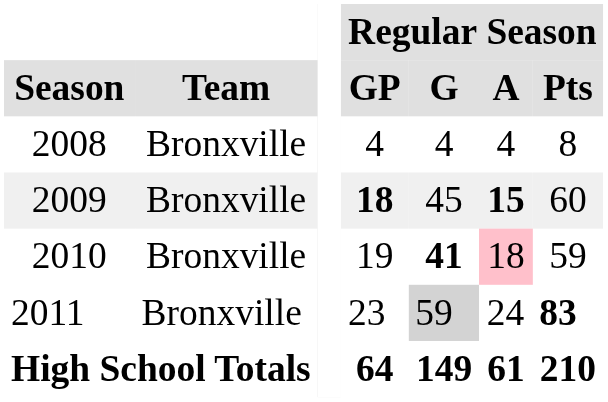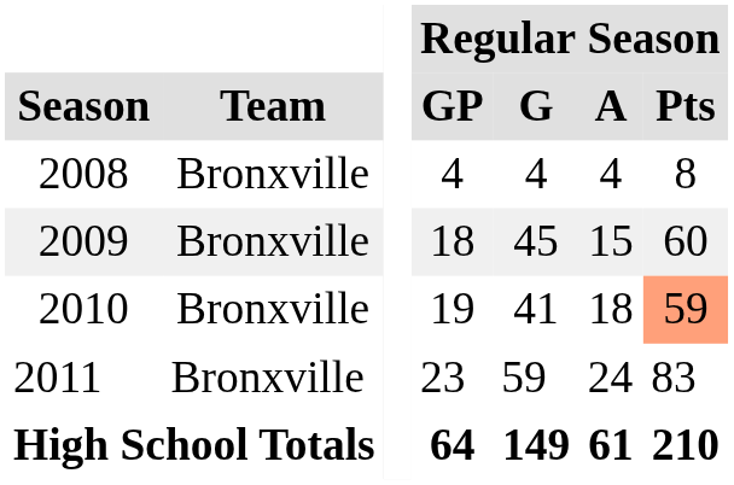 <table border="0" cellpadding="3" cellspacing="0">
 <tr align="center" bgcolor="#e0e0e0">
 <th colspan="2" bgcolor="#ffffff"> </th>
 <th rowspan="100" bgcolor="#ffffff"> </th>
 <th colspan="4">Regular Season</th>
 </tr>
 <tr align="center" bgcolor="#e0e0e0">
 <th>Season</th>
 <th>Team</th>
 <th>GP</th>
 <th>G</th>
 <th>A</th>
 <th>Pts</th>
 </tr>
 <tr align="center">
 <td>2008</td>
 <td>Bronxville</td>
 <td>4</td>
 <td>4</td>
 <td>4</td>
 <td>8</td>
 </tr>
 <tr align="center" bgcolor="#f0f0f0">
 <td>2009</td>
 <td>Bronxville</td>
-<td><strong>18</strong></td>
+<td>18</td>
 <td>45</td>
-<td><strong>15</strong></td>
+<td>15</td>
 <td>60</td>
 </tr>
 <tr align="center">
 <td>2010</td>
 <td>Bronxville</td>
 <td>19</td>
-<td><strong>41</strong></td>
-<td style="background: pink;">18</td>
-<td>59</td>
+<td>41</td>
+<td>18</td>
+<td style="background: lightsalmon;">59</td>
 </tr>
 <tr>
 <td>2011</td>
 <td>Bronxville</td>
 <td>23</td>
-<td style="background: lightgrey;">59</td>
+<td>59</td>
 <td>24</td>
-<td><strong>83</strong></td>
+<td>83</td>
 </tr>
 <tr align="center">
 <th colspan="2">High School Totals</th>
 <th>64</th>
 <th>149</th>
 <th>61</th>
 <th>210</th>
 </tr>
 </table>
